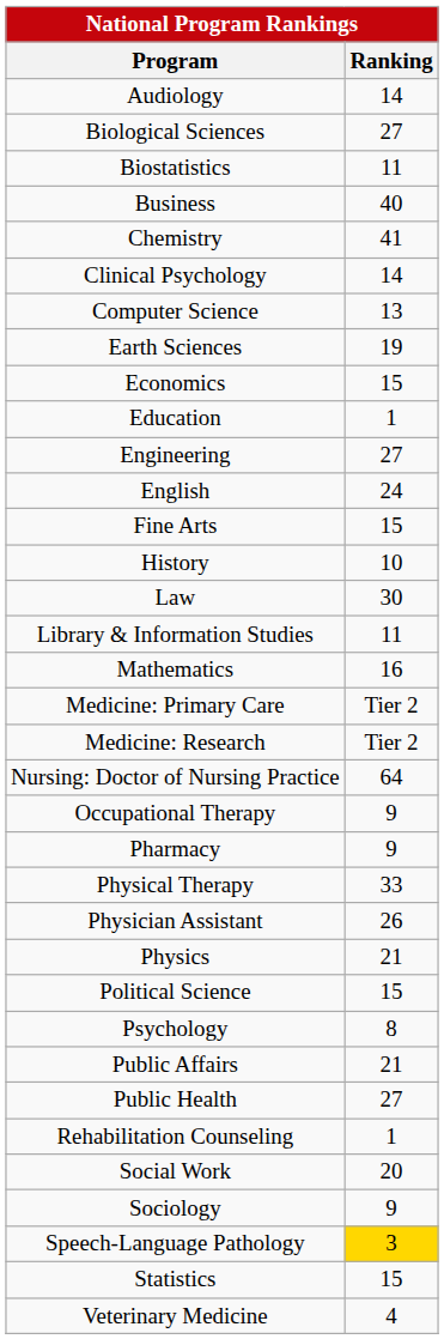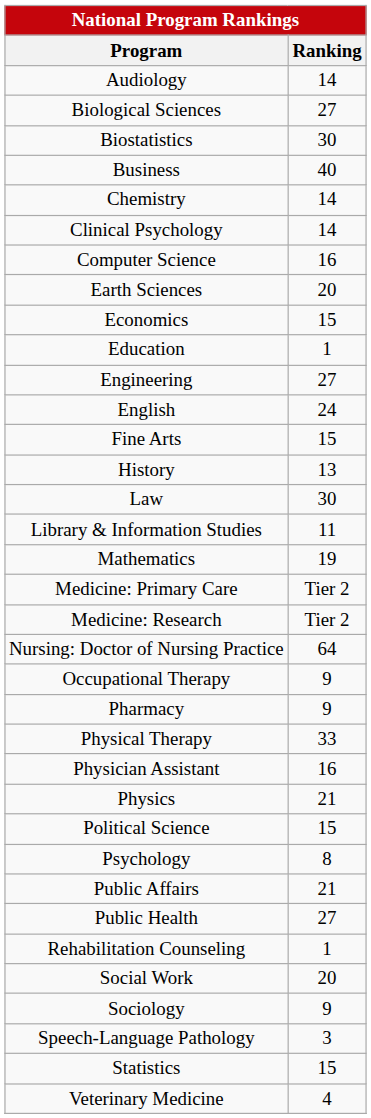 <table class="wikitable sortable collapsible collapsed" style="float:right; clear:right; text-align:center">
 <tr>
 <th colspan=4 style="background:#C5050C; color:#FFFFFF; ">National Program Rankings</th>
 </tr>
 <tr>
 <th>Program</th>
 <th>Ranking</th>
 </tr>
 <tr>
 <td>Audiology</td>
 <td>14</td>
 </tr>
 <tr>
 <td>Biological Sciences</td>
 <td>27</td>
 </tr>
 <tr>
 <td>Biostatistics</td>
-<td>11</td>
+<td>30</td>
 </tr>
 <tr>
 <td>Business</td>
 <td>40</td>
 </tr>
 <tr>
 <td>Chemistry</td>
-<td>41</td>
+<td>14</td>
 </tr>
 <tr>
 <td>Clinical Psychology</td>
 <td>14</td>
 </tr>
 <tr>
 <td>Computer Science</td>
-<td>13</td>
+<td>16</td>
 </tr>
 <tr>
 <td>Earth Sciences</td>
-<td>19</td>
+<td>20</td>
 </tr>
 <tr>
 <td>Economics</td>
 <td>15</td>
 </tr>
 <tr>
 <td>Education</td>
 <td>1</td>
 </tr>
 <tr>
 <td>Engineering</td>
 <td>27</td>
 </tr>
 <tr>
 <td>English</td>
 <td>24</td>
 </tr>
 <tr>
 <td>Fine Arts</td>
 <td>15</td>
 </tr>
 <tr>
 <td>History</td>
-<td>10</td>
+<td>13</td>
 </tr>
 <tr>
 <td>Law</td>
 <td>30</td>
 </tr>
 <tr>
 <td>Library & Information Studies</td>
 <td>11</td>
 </tr>
 <tr>
 <td>Mathematics</td>
-<td>16</td>
+<td>19</td>
 </tr>
 <tr>
 <td>Medicine: Primary Care</td>
 <td>Tier 2</td>
 </tr>
 <tr>
 <td>Medicine: Research</td>
 <td>Tier 2</td>
 </tr>
 <tr>
 <td>Nursing: Doctor of Nursing Practice</td>
 <td>64</td>
 </tr>
 <tr>
 <td>Occupational Therapy</td>
 <td>9</td>
 </tr>
 <tr>
 <td>Pharmacy</td>
 <td>9</td>
 </tr>
 <tr>
 <td>Physical Therapy</td>
 <td>33</td>
 </tr>
 <tr>
 <td>Physician Assistant</td>
-<td>26</td>
+<td>16</td>
 </tr>
 <tr>
 <td>Physics</td>
 <td>21</td>
 </tr>
 <tr>
 <td>Political Science</td>
 <td>15</td>
 </tr>
 <tr>
 <td>Psychology</td>
 <td>8</td>
 </tr>
 <tr>
 <td>Public Affairs</td>
 <td>21</td>
 </tr>
 <tr>
 <td>Public Health</td>
 <td>27</td>
 </tr>
 <tr>
 <td>Rehabilitation Counseling</td>
 <td>1</td>
 </tr>
 <tr>
 <td>Social Work</td>
 <td>20</td>
 </tr>
 <tr>
 <td>Sociology</td>
 <td>9</td>
 </tr>
 <tr>
 <td>Speech-Language Pathology</td>
-<td style="background: gold;">3</td>
+<td>3</td>
 </tr>
 <tr>
 <td>Statistics</td>
 <td>15</td>
 </tr>
 <tr>
 <td>Veterinary Medicine</td>
 <td>4</td>
 </tr>
 <tr>
 </tr>
 </table>
